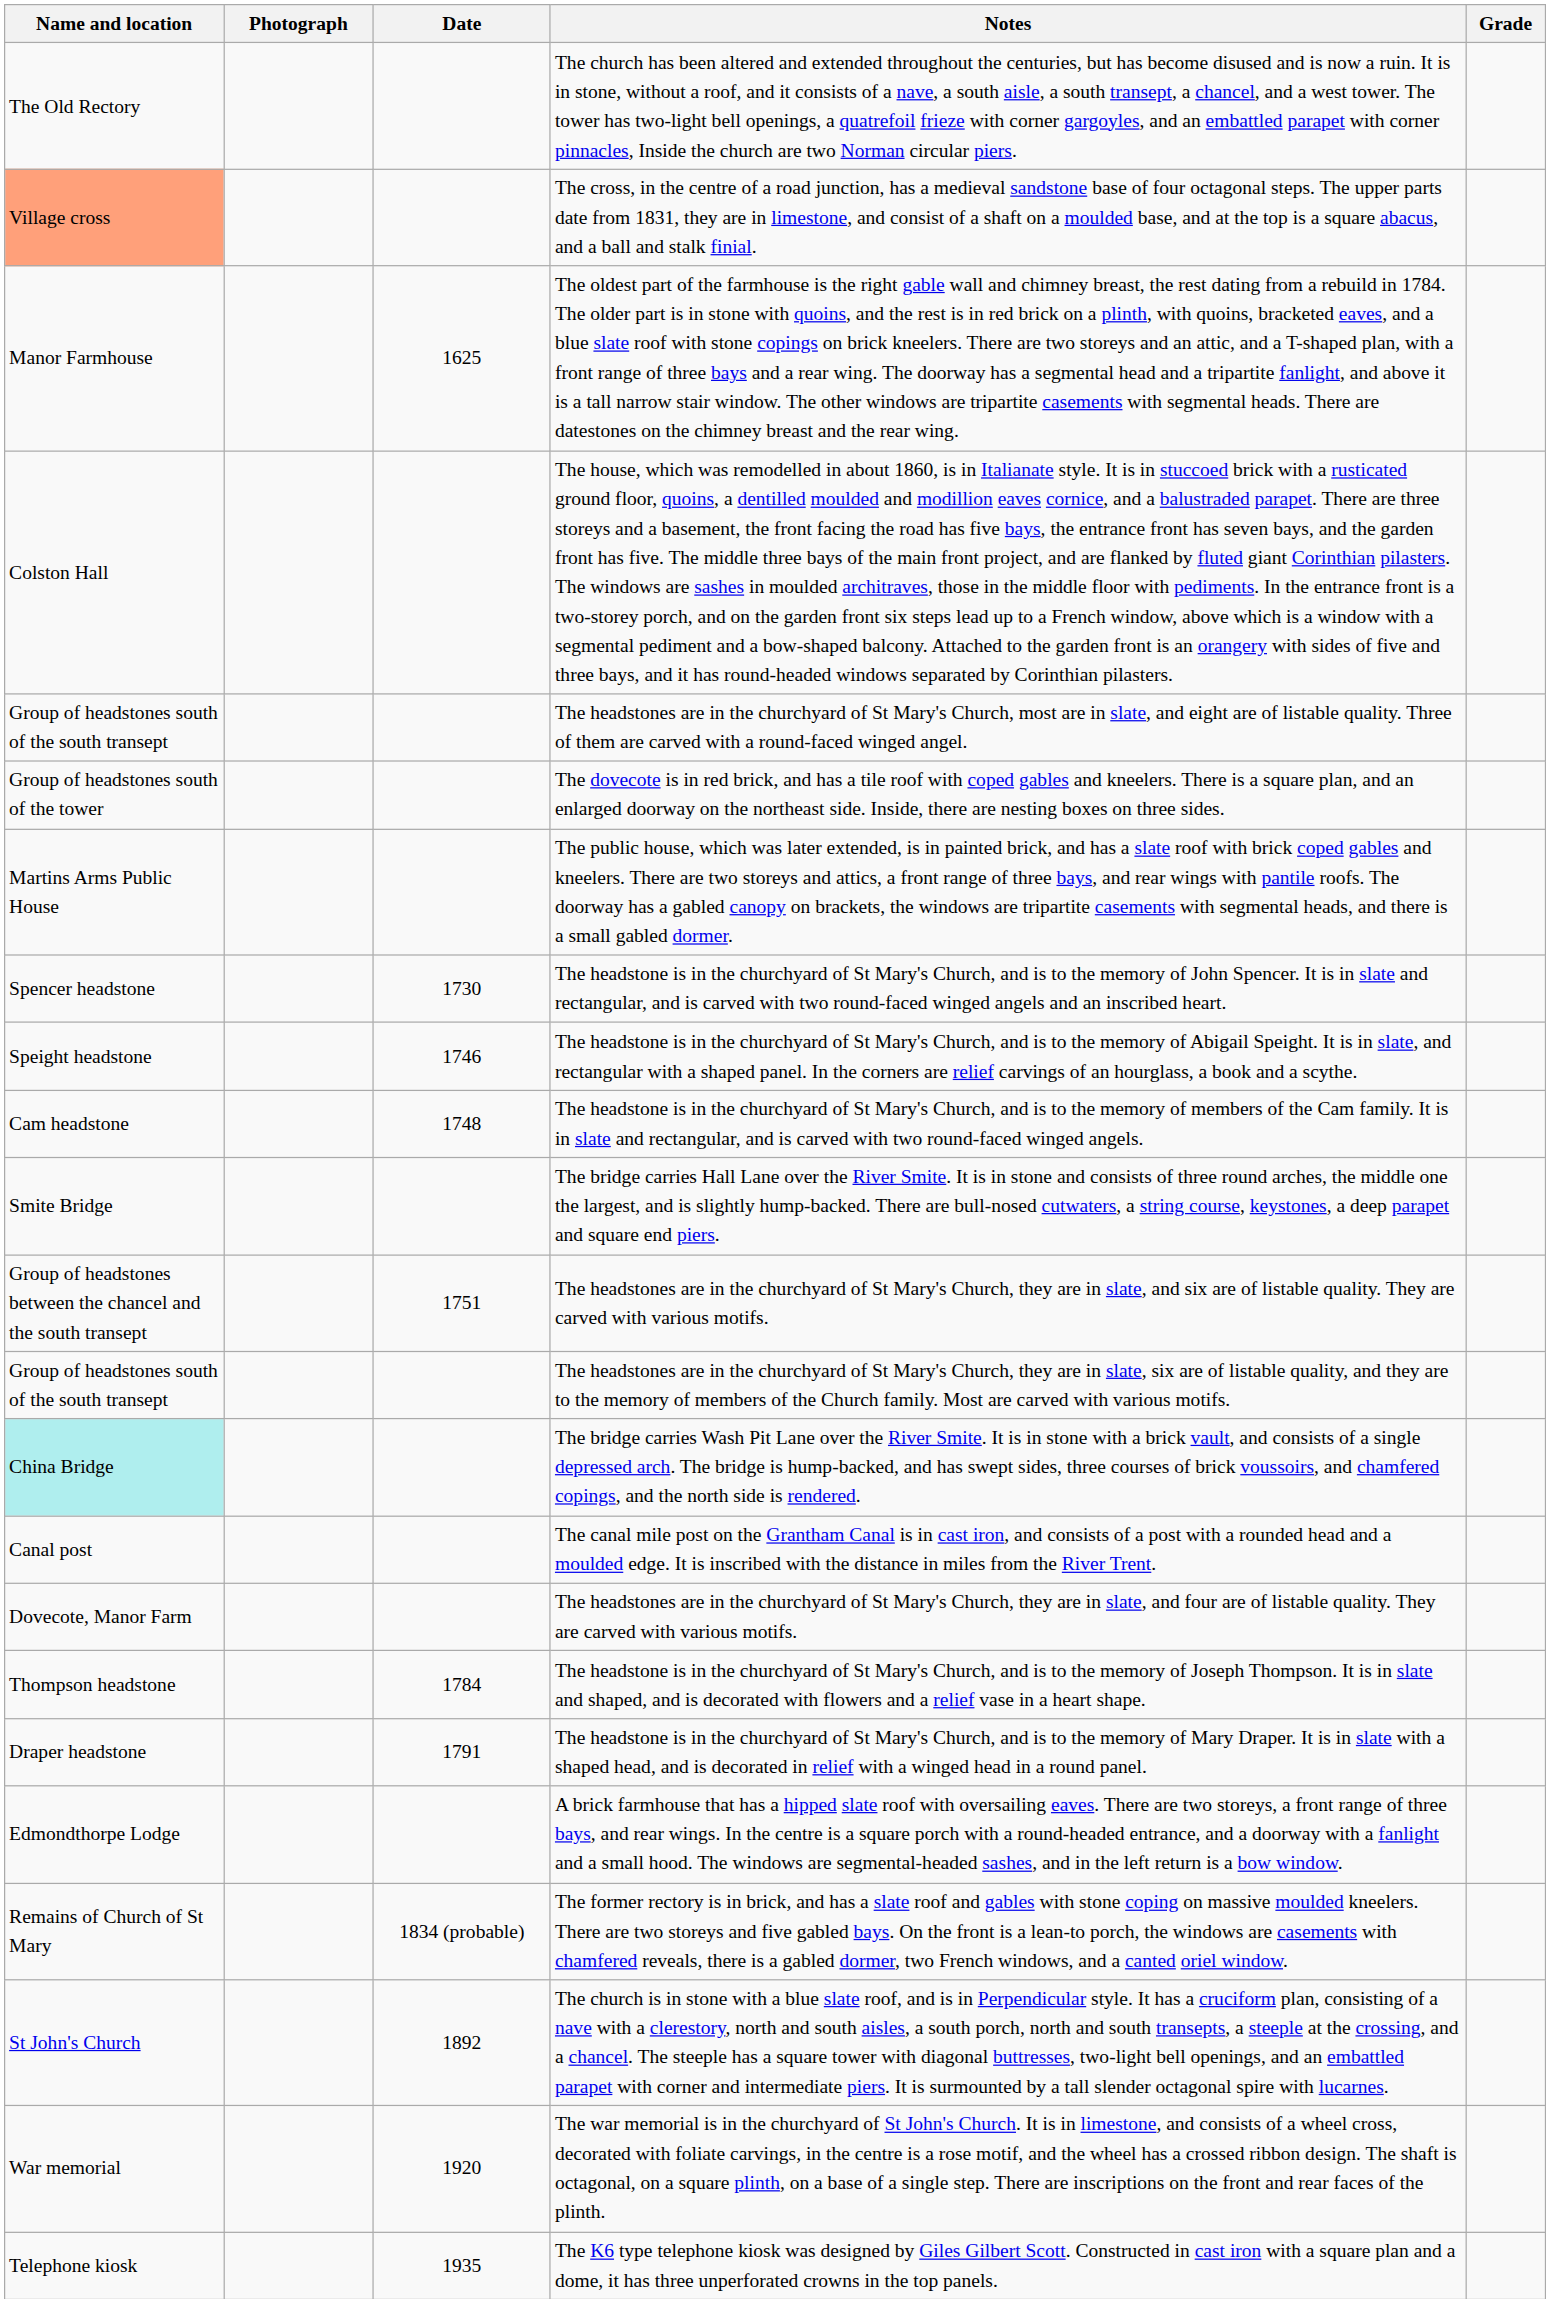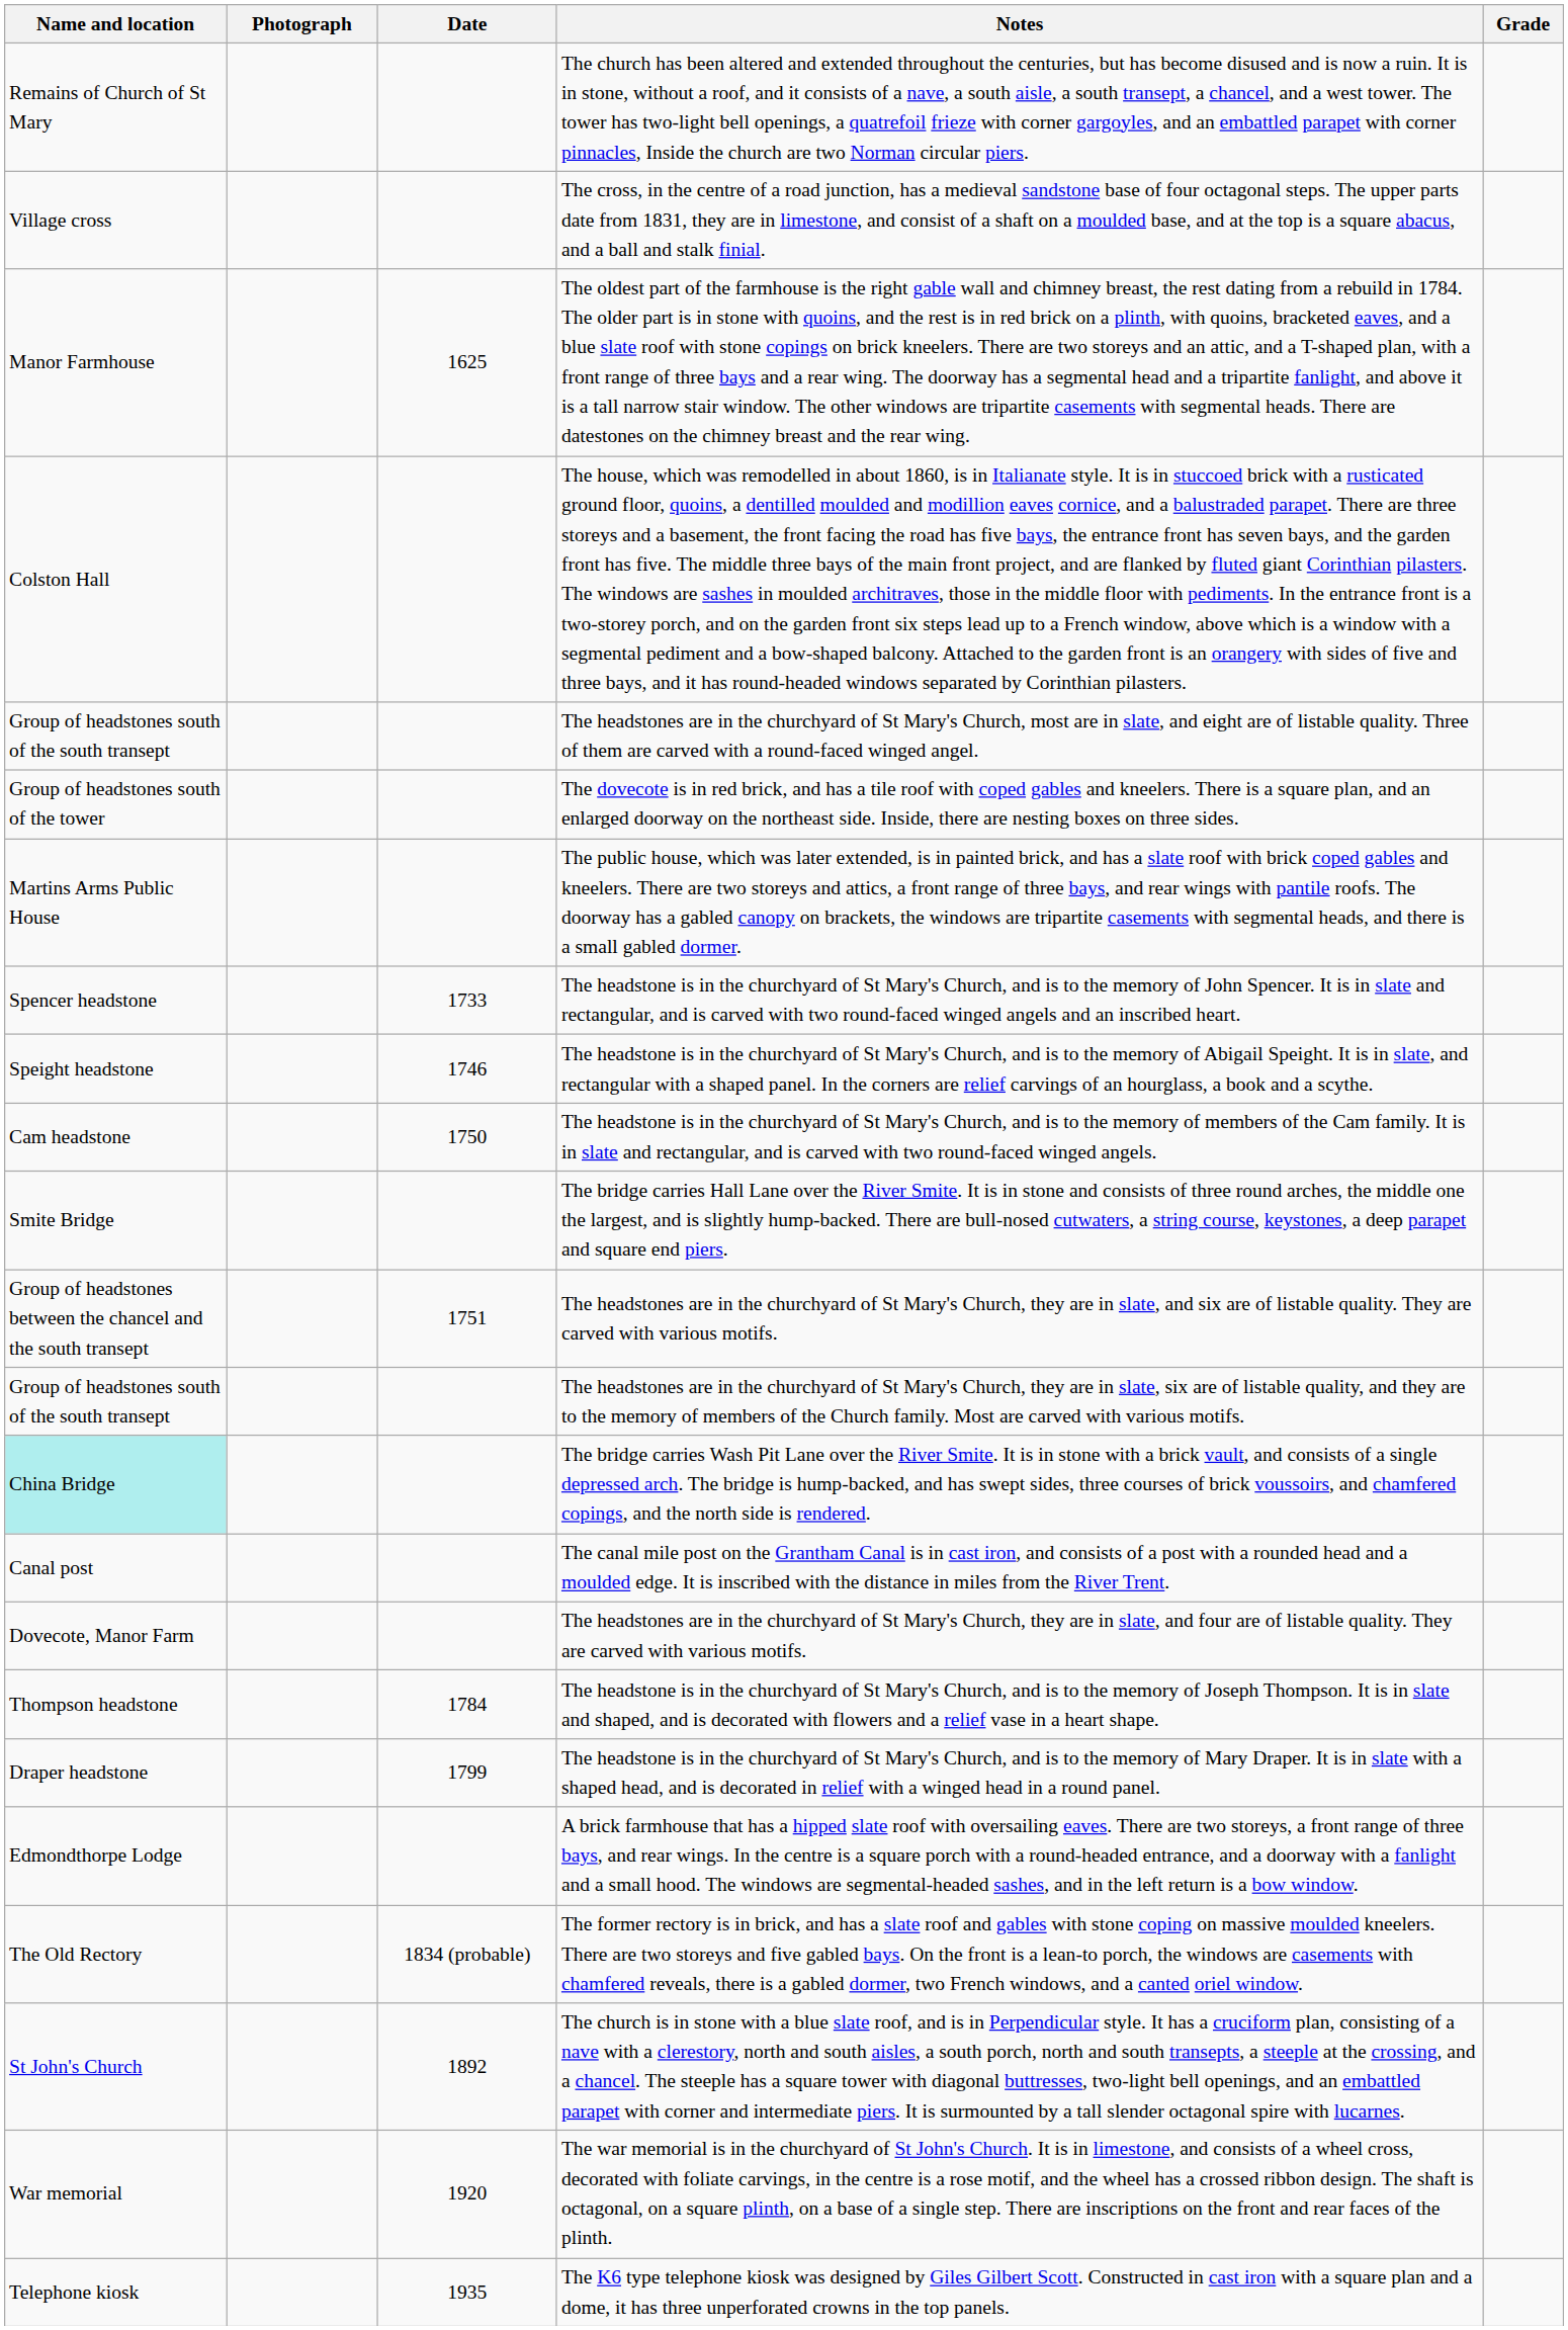 <table class="wikitable sortable plainrowheaders" style="width:100%; border:0px; text-align:left; line-height:150%">
 <tr>
 <th scope="col"  style="width:150px">Name and location</th>
 <th scope="col"  style="width:100px" class="unsortable">Photograph</th>
 <th scope="col"  style="width:120px">Date</th>
 <th scope="col"  style="width:650px" class="unsortable">Notes</th>
 <th scope="col"  style="width:50px">Grade</th>
 </tr>
 <tr>
-<td>The Old Rectory<br><small></small></td>
+<td>Remains of Church of St Mary<br><small></small></td>
 <td></td>
 <td align="center"></td>
 <td>The church has been altered and extended throughout the centuries, but has become disused and is now a ruin.  It is in stone, without a roof, and it consists of a <a href='#'>nave</a>, a south <a href='#'>aisle</a>, a south <a href='#'>transept</a>, a <a href='#'>chancel</a>, and a west tower.  The tower has two-light bell openings, a <a href='#'>quatrefoil</a> <a href='#'>frieze</a> with corner <a href='#'>gargoyles</a>, and an <a href='#'>embattled</a> <a href='#'>parapet</a> with corner <a href='#'>pinnacles</a>,  Inside the church are two <a href='#'>Norman</a> circular <a href='#'>piers</a>.</td>
 <td align="center" ></td>
 </tr>
 <tr>
-<td style="background: lightsalmon;">Village cross<br><small></small></td>
+<td>Village cross<br><small></small></td>
 <td></td>
 <td align="center"></td>
 <td>The cross, in the centre of a road junction, has a medieval <a href='#'>sandstone</a> base of four octagonal steps.  The upper parts date from 1831, they are in <a href='#'>limestone</a>, and consist of a shaft on a <a href='#'>moulded</a> base, and at the top is a square <a href='#'>abacus</a>, and a ball and stalk <a href='#'>finial</a>.</td>
 <td align="center" ></td>
 </tr>
 <tr>
 <td>Manor Farmhouse<br><small></small></td>
 <td></td>
 <td align="center">1625</td>
 <td>The oldest part of the farmhouse is the right <a href='#'>gable</a> wall and chimney breast, the rest dating from a rebuild in 1784.  The older part is in stone with <a href='#'>quoins</a>, and the rest is in red brick on a <a href='#'>plinth</a>, with quoins, bracketed <a href='#'>eaves</a>, and a blue <a href='#'>slate</a> roof with stone <a href='#'>copings</a> on brick kneelers.  There are two storeys and an attic, and a T-shaped plan, with a front range of three <a href='#'>bays</a> and a rear wing.  The doorway has a segmental head and a tripartite <a href='#'>fanlight</a>, and above it is a tall narrow stair window.  The other windows are tripartite <a href='#'>casements</a> with segmental heads.  There are datestones on the chimney breast and the rear wing.</td>
 <td align="center" ></td>
 </tr>
 <tr>
 <td>Colston Hall<br><small></small></td>
 <td></td>
 <td align="center"></td>
 <td>The house, which was remodelled in about 1860, is in <a href='#'>Italianate</a> style.  It is in <a href='#'>stuccoed</a> brick with a <a href='#'>rusticated</a> ground floor, <a href='#'>quoins</a>, a <a href='#'>dentilled</a> <a href='#'>moulded</a> and <a href='#'>modillion</a> <a href='#'>eaves</a> <a href='#'>cornice</a>, and a <a href='#'>balustraded</a> <a href='#'>parapet</a>.  There are three storeys and a basement, the front facing the road has five <a href='#'>bays</a>, the entrance front has seven bays, and the garden front has five.  The middle three bays of the main front project, and are flanked by <a href='#'>fluted</a> giant <a href='#'>Corinthian</a> <a href='#'>pilasters</a>.  The windows are <a href='#'>sashes</a> in moulded <a href='#'>architraves</a>, those in the middle floor with <a href='#'>pediments</a>.  In the entrance front is a two-storey porch, and on the garden front six steps lead up to a French window, above which is a window with a segmental pediment and a bow-shaped balcony.  Attached to the garden front is an <a href='#'>orangery</a> with sides of five and three bays, and it has round-headed windows separated by Corinthian pilasters.</td>
 <td align="center" ></td>
 </tr>
 <tr>
 <td>Group of headstones south of the south transept<br><small></small></td>
 <td></td>
 <td align="center"></td>
 <td>The headstones are in the churchyard of St Mary's Church, most are in <a href='#'>slate</a>, and eight are of listable quality.  Three of them are carved with a round-faced winged angel.</td>
 <td align="center" ></td>
 </tr>
 <tr>
 <td>Group of headstones south of the tower<br><small></small></td>
 <td></td>
 <td align="center"></td>
 <td>The <a href='#'>dovecote</a> is in red brick, and has a tile roof with <a href='#'>coped</a> <a href='#'>gables</a> and kneelers.  There is a square plan, and an enlarged doorway on the northeast side.  Inside, there are nesting boxes on three sides.</td>
 <td align="center" ></td>
 </tr>
 <tr>
 <td>Martins Arms Public House<br><small></small></td>
 <td></td>
 <td align="center"></td>
 <td>The public house, which was later extended, is in painted brick, and has a <a href='#'>slate</a> roof with brick <a href='#'>coped</a> <a href='#'>gables</a> and kneelers.  There are two storeys and attics, a front range of three <a href='#'>bays</a>, and rear wings with <a href='#'>pantile</a> roofs.  The doorway has a gabled <a href='#'>canopy</a> on brackets, the windows are tripartite <a href='#'>casements</a> with segmental heads, and there is a small gabled <a href='#'>dormer</a>.</td>
 <td align="center" ></td>
 </tr>
 <tr>
 <td>Spencer headstone<br><small></small></td>
 <td></td>
-<td align="center">1730</td>
+<td align="center">1733</td>
 <td>The headstone is in the churchyard of St Mary's Church, and is to the memory of John Spencer.  It is in <a href='#'>slate</a> and rectangular, and is carved with two round-faced winged angels and an inscribed heart.</td>
 <td align="center" ></td>
 </tr>
 <tr>
 <td>Speight headstone<br><small></small></td>
 <td></td>
 <td align="center">1746</td>
 <td>The headstone is in the churchyard of St Mary's Church, and is to the memory of Abigail Speight.  It is in <a href='#'>slate</a>, and rectangular with a shaped panel.  In the corners are <a href='#'>relief</a> carvings of an hourglass, a book and a scythe.</td>
 <td align="center" ></td>
 </tr>
 <tr>
 <td>Cam headstone<br><small></small></td>
 <td></td>
-<td align="center">1748</td>
+<td align="center">1750</td>
 <td>The headstone is in the churchyard of St Mary's Church, and is to the memory of members of the Cam family.  It is in <a href='#'>slate</a> and rectangular, and is carved with two round-faced winged angels.</td>
 <td align="center" ></td>
 </tr>
 <tr>
 <td>Smite Bridge<br><small></small></td>
 <td></td>
 <td align="center"></td>
 <td>The bridge carries Hall Lane over the <a href='#'>River Smite</a>.  It is in stone and consists of three round arches, the middle one the largest, and is slightly hump-backed.  There are bull-nosed <a href='#'>cutwaters</a>, a <a href='#'>string course</a>, <a href='#'>keystones</a>, a deep <a href='#'>parapet</a> and square end <a href='#'>piers</a>.</td>
 <td align="center" ></td>
 </tr>
 <tr>
 <td>Group of headstones between the chancel and the south transept<br><small></small></td>
 <td></td>
 <td align="center">1751</td>
 <td>The headstones are in the churchyard of St Mary's Church, they are in <a href='#'>slate</a>, and six are of listable quality.  They are carved with various motifs.</td>
 <td align="center" ></td>
 </tr>
 <tr>
 <td>Group of headstones south of the south transept<br><small></small></td>
 <td></td>
 <td align="center"></td>
 <td>The headstones are in the churchyard of St Mary's Church, they are in <a href='#'>slate</a>, six are of listable quality, and they are to the memory of members of the Church family.  Most are carved with various motifs.</td>
 <td align="center" ></td>
 </tr>
 <tr>
 <td style="background: paleturquoise;">China Bridge<br><small></small></td>
 <td></td>
 <td align="center"></td>
 <td>The bridge carries Wash Pit Lane over the <a href='#'>River Smite</a>.  It is in stone with a brick <a href='#'>vault</a>, and consists of a single <a href='#'>depressed arch</a>.  The bridge is hump-backed, and has swept sides, three courses of brick <a href='#'>voussoirs</a>, and <a href='#'>chamfered</a> <a href='#'>copings</a>, and the north side is <a href='#'>rendered</a>.</td>
 <td align="center" ></td>
 </tr>
 <tr>
 <td>Canal post<br><small></small></td>
 <td></td>
 <td align="center"></td>
 <td>The canal mile post on the <a href='#'>Grantham Canal</a> is in <a href='#'>cast iron</a>, and consists of a post with a rounded head and a <a href='#'>moulded</a> edge.  It is inscribed with the distance in miles from the <a href='#'>River Trent</a>.</td>
 <td align="center" ></td>
 </tr>
 <tr>
 <td>Dovecote, Manor Farm<br><small></small></td>
 <td></td>
 <td align="center"></td>
 <td>The headstones are in the churchyard of St Mary's Church, they are in <a href='#'>slate</a>, and four are of listable quality. They are carved with various motifs.</td>
 <td align="center" ></td>
 </tr>
 <tr>
 <td>Thompson headstone<br><small></small></td>
 <td></td>
 <td align="center">1784</td>
 <td>The headstone is in the churchyard of St Mary's Church, and is to the memory of Joseph Thompson.  It is in <a href='#'>slate</a> and shaped, and is decorated with flowers and a <a href='#'>relief</a> vase in a heart shape.</td>
 <td align="center" ></td>
 </tr>
 <tr>
 <td>Draper headstone<br><small></small></td>
 <td></td>
-<td align="center">1791</td>
+<td align="center">1799</td>
 <td>The headstone is in the churchyard of St Mary's Church, and is to the memory of Mary Draper.  It is in <a href='#'>slate</a> with a shaped head, and is decorated in <a href='#'>relief</a> with a winged head in a round panel.</td>
 <td align="center" ></td>
 </tr>
 <tr>
 <td>Edmondthorpe Lodge<br><small></small></td>
 <td></td>
 <td align="center"></td>
 <td>A brick farmhouse that has a <a href='#'>hipped</a> <a href='#'>slate</a> roof with oversailing <a href='#'>eaves</a>.  There are two storeys, a front range of three <a href='#'>bays</a>, and rear wings.  In the centre is a square porch with a round-headed entrance, and a doorway with a <a href='#'>fanlight</a> and a small hood.  The windows are segmental-headed <a href='#'>sashes</a>, and in the left return is a <a href='#'>bow window</a>.</td>
 <td align="center" ></td>
 </tr>
 <tr>
-<td>Remains of Church of St Mary<br><small></small></td>
+<td>The Old Rectory<br><small></small></td>
 <td></td>
 <td align="center">1834 (probable)</td>
 <td>The former rectory is in brick, and has a <a href='#'>slate</a> roof and <a href='#'>gables</a> with stone <a href='#'>coping</a> on massive <a href='#'>moulded</a> kneelers.  There are two storeys and five gabled <a href='#'>bays</a>.  On the front is a lean-to porch, the windows are <a href='#'>casements</a> with <a href='#'>chamfered</a> reveals, there is a gabled <a href='#'>dormer</a>, two French windows, and a <a href='#'>canted</a> <a href='#'>oriel window</a>.</td>
 <td align="center" ></td>
 </tr>
 <tr>
 <td><a href='#'>St John's Church</a><br><small></small></td>
 <td></td>
 <td align="center">1892</td>
 <td>The church is in stone with a blue <a href='#'>slate</a> roof, and is in <a href='#'>Perpendicular</a> style.  It has a <a href='#'>cruciform</a> plan, consisting of a <a href='#'>nave</a> with a <a href='#'>clerestory</a>, north and south <a href='#'>aisles</a>, a south porch, north and south <a href='#'>transepts</a>, a <a href='#'>steeple</a> at the <a href='#'>crossing</a>, and a <a href='#'>chancel</a>.  The steeple has a square tower with diagonal <a href='#'>buttresses</a>, two-light bell openings, and an <a href='#'>embattled</a> <a href='#'>parapet</a> with corner and intermediate <a href='#'>piers</a>.  It is surmounted by a tall slender octagonal spire with <a href='#'>lucarnes</a>.</td>
 <td align="center" ></td>
 </tr>
 <tr>
 <td>War memorial<br><small></small></td>
 <td></td>
 <td align="center">1920</td>
 <td>The war memorial is in the churchyard of <a href='#'>St John's Church</a>.  It is in <a href='#'>limestone</a>, and consists of a wheel cross, decorated with foliate carvings, in the centre is a rose motif, and the wheel has a crossed ribbon design.  The shaft is octagonal, on a square <a href='#'>plinth</a>, on a base of a single step.  There are inscriptions on the front and rear faces of the plinth.</td>
 <td align="center" ></td>
 </tr>
 <tr>
 <td>Telephone kiosk<br><small></small></td>
 <td></td>
 <td align="center">1935</td>
 <td>The <a href='#'>K6</a> type telephone kiosk was designed by <a href='#'>Giles Gilbert Scott</a>.  Constructed in <a href='#'>cast iron</a> with a square plan and a dome, it has three unperforated crowns in the top panels.</td>
 <td align="center" ></td>
 </tr>
 <tr>
 </tr>
 </table>
